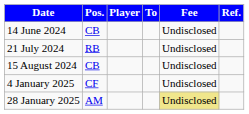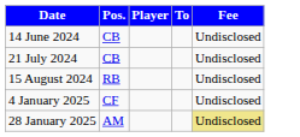 <table class="wikitable plainrowheaders sortable">
 <tr>
 <th style="background:#0000FF; color:#FFFFFF; ">Date</th>
 <th style="background:#0000FF; color:#FFFFFF; ">Pos.</th>
 <th style="background:#0000FF; color:#FFFFFF; ">Player</th>
 <th style="background:#0000FF; color:#FFFFFF; ">To</th>
 <th style="background:#0000FF; color:#FFFFFF; ">Fee</th>
-<th style="background:#0000FF; color:#FFFFFF; ">Ref.</th>
 </tr>
 <tr>
 <td>14 June 2024</td>
 <td><a href='#'>CB</a></td>
 <td></td>
 <td></td>
 <td>Undisclosed</td>
-<td></td>
 </tr>
 <tr>
 <td>21 July 2024</td>
+<td><a href='#'>CB</a></td>
+<td></td>
+<td></td>
+<td>Undisclosed</td>
+</tr>
+<tr>
+<td>15 August 2024</td>
 <td><a href='#'>RB</a></td>
 <td></td>
 <td></td>
 <td>Undisclosed</td>
-<td></td>
-</tr>
-<tr>
-<td>15 August 2024</td>
-<td><a href='#'>CB</a></td>
-<td></td>
-<td></td>
-<td>Undisclosed</td>
-<td></td>
 </tr>
 <tr>
 <td>4 January 2025</td>
 <td><a href='#'>CF</a></td>
 <td></td>
 <td></td>
 <td>Undisclosed</td>
-<td></td>
 </tr>
 <tr>
 <td>28 January 2025</td>
 <td><a href='#'>AM</a></td>
 <td></td>
 <td></td>
 <td style="background: khaki;">Undisclosed</td>
-<td></td>
 </tr>
 </table>
